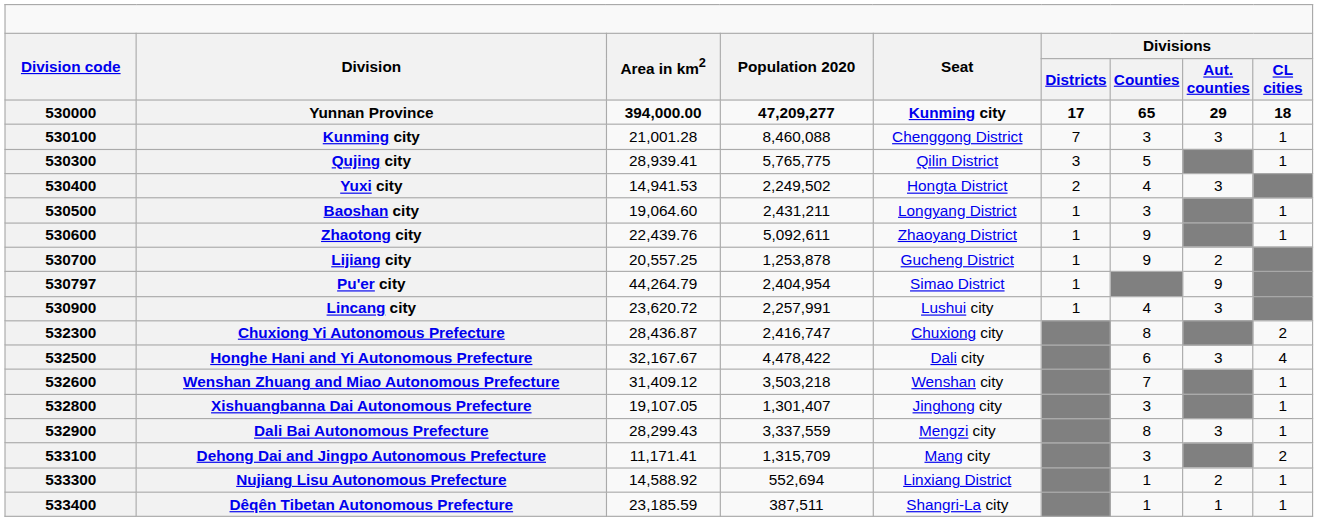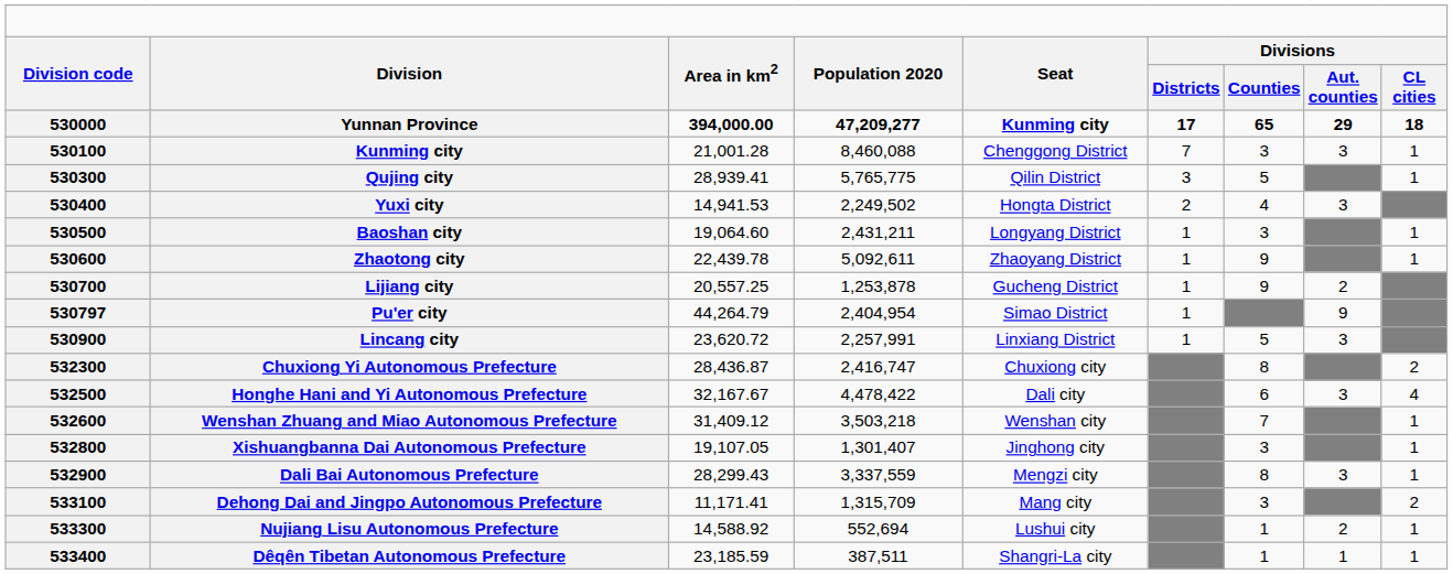 <table class="wikitable" style="margin:1em auto 1em auto; width:90%; font-size:smaller; text-align:center">
 <tr>
 <td colspan="9" style="font-size:larger"><div><br>                   </div></td>
 </tr>
 <tr>
 <th ! scope="col" rowspan="2"><a href='#'>Division code</a></th>
 <th ! scope="col" rowspan="2">Division</th>
 <th ! scope="col" rowspan="2">Area in km<sup>2</sup></th>
 <th ! scope="col" rowspan="2">Population 2020</th>
 <th ! scope="col" rowspan="2">Seat</th>
 <th ! scope="col" colspan="4">Divisions</th>
 </tr>
 <tr>
 <th ! scope="col" width="45"><a href='#'>Districts</a></th>
 <th ! scope="col" width="45"><a href='#'>Counties</a></th>
 <th ! scope="col" width="45"><a href='#'>Aut. counties</a></th>
 <th ! scope="col" width="45"><a href='#'>CL cities</a></th>
 </tr>
 <tr style="font-weight: bold">
 <th>530000</th>
 <th>Yunnan Province</th>
 <td>394,000.00</td>
 <td>47,209,277</td>
 <td><a href='#'>Kunming</a> city</td>
 <td>17</td>
 <td>65</td>
 <td>29</td>
 <td>18</td>
 </tr>
 <tr>
 <th>530100</th>
 <th><a href='#'>Kunming</a> city</th>
 <td>21,001.28</td>
 <td>8,460,088</td>
 <td><a href='#'>Chenggong District</a></td>
 <td>7</td>
 <td>3</td>
 <td>3</td>
 <td>1</td>
 </tr>
 <tr>
 <th>530300</th>
 <th><a href='#'>Qujing</a> city</th>
 <td>28,939.41</td>
 <td>5,765,775</td>
 <td><a href='#'>Qilin District</a></td>
 <td>3</td>
 <td>5</td>
 <td bgcolor="grey"></td>
 <td>1</td>
 </tr>
 <tr>
 <th>530400</th>
 <th><a href='#'>Yuxi</a> city</th>
 <td>14,941.53</td>
 <td>2,249,502</td>
 <td><a href='#'>Hongta District</a></td>
 <td>2</td>
 <td>4</td>
 <td>3</td>
 <td bgcolor="grey"></td>
 </tr>
 <tr>
 <th>530500</th>
 <th><a href='#'>Baoshan</a> city</th>
 <td>19,064.60</td>
 <td>2,431,211</td>
 <td><a href='#'>Longyang District</a></td>
 <td>1</td>
 <td>3</td>
 <td bgcolor="grey"></td>
 <td>1</td>
 </tr>
 <tr>
 <th>530600</th>
 <th><a href='#'>Zhaotong</a> city</th>
-<td>22,439.76</td>
+<td>22,439.78</td>
 <td>5,092,611</td>
 <td><a href='#'>Zhaoyang District</a></td>
 <td>1</td>
 <td>9</td>
 <td bgcolor="grey"></td>
 <td>1</td>
 </tr>
 <tr>
 <th>530700</th>
 <th><a href='#'>Lijiang</a> city</th>
 <td>20,557.25</td>
 <td>1,253,878</td>
 <td><a href='#'>Gucheng District</a></td>
 <td>1</td>
 <td>9</td>
 <td>2</td>
 <td bgcolor="grey"></td>
 </tr>
 <tr>
 <th>530797</th>
 <th><a href='#'>Pu'er</a> city</th>
 <td>44,264.79</td>
 <td>2,404,954</td>
 <td><a href='#'>Simao District</a></td>
 <td>1</td>
 <td bgcolor="grey"></td>
 <td>9</td>
 <td bgcolor="grey"></td>
 </tr>
 <tr>
 <th>530900</th>
 <th><a href='#'>Lincang</a> city</th>
 <td>23,620.72</td>
 <td>2,257,991</td>
-<td><a href='#'>Lushui</a> city</td>
+<td><a href='#'>Linxiang District</a></td>
 <td>1</td>
-<td>4</td>
+<td>5</td>
 <td>3</td>
 <td bgcolor="grey"></td>
 </tr>
 <tr>
 <th>532300</th>
 <th><a href='#'>Chuxiong Yi Autonomous Prefecture</a></th>
 <td>28,436.87</td>
 <td>2,416,747</td>
 <td><a href='#'>Chuxiong</a> city</td>
 <td bgcolor="grey"></td>
 <td>8</td>
 <td bgcolor="grey"></td>
 <td>2</td>
 </tr>
 <tr>
 <th>532500</th>
 <th><a href='#'>Honghe Hani and Yi Autonomous Prefecture</a></th>
 <td>32,167.67</td>
 <td>4,478,422</td>
 <td><a href='#'>Dali</a> city</td>
 <td bgcolor="grey"></td>
 <td>6</td>
 <td>3</td>
 <td>4</td>
 </tr>
 <tr>
 <th>532600</th>
 <th><a href='#'>Wenshan Zhuang and Miao Autonomous Prefecture</a></th>
 <td>31,409.12</td>
 <td>3,503,218</td>
 <td><a href='#'>Wenshan</a> city</td>
 <td bgcolor="grey"></td>
 <td>7</td>
 <td bgcolor="grey"></td>
 <td>1</td>
 </tr>
 <tr>
 <th>532800</th>
 <th><a href='#'>Xishuangbanna Dai Autonomous Prefecture</a></th>
 <td>19,107.05</td>
 <td>1,301,407</td>
 <td><a href='#'>Jinghong</a> city</td>
 <td bgcolor="grey"></td>
 <td>3</td>
 <td bgcolor="grey"></td>
 <td>1</td>
 </tr>
 <tr>
 <th>532900</th>
 <th><a href='#'>Dali Bai Autonomous Prefecture</a></th>
 <td>28,299.43</td>
 <td>3,337,559</td>
 <td><a href='#'>Mengzi</a> city</td>
 <td bgcolor="grey"></td>
 <td>8</td>
 <td>3</td>
 <td>1</td>
 </tr>
 <tr>
 <th>533100</th>
 <th><a href='#'>Dehong Dai and Jingpo Autonomous Prefecture</a></th>
 <td>11,171.41</td>
 <td>1,315,709</td>
 <td><a href='#'>Mang</a> city</td>
 <td bgcolor="grey"></td>
 <td>3</td>
 <td bgcolor="grey"></td>
 <td>2</td>
 </tr>
 <tr>
 <th>533300</th>
 <th><a href='#'>Nujiang Lisu Autonomous Prefecture</a></th>
 <td>14,588.92</td>
 <td>552,694</td>
-<td><a href='#'>Linxiang District</a></td>
+<td><a href='#'>Lushui</a> city</td>
 <td bgcolor="grey"></td>
 <td>1</td>
 <td>2</td>
 <td>1</td>
 </tr>
 <tr>
 <th>533400</th>
 <th><a href='#'>Dêqên Tibetan Autonomous Prefecture</a></th>
 <td>23,185.59</td>
 <td>387,511</td>
 <td><a href='#'>Shangri-La</a> city</td>
 <td bgcolor="grey"></td>
 <td>1</td>
 <td>1</td>
 <td>1</td>
 </tr>
 </table>
